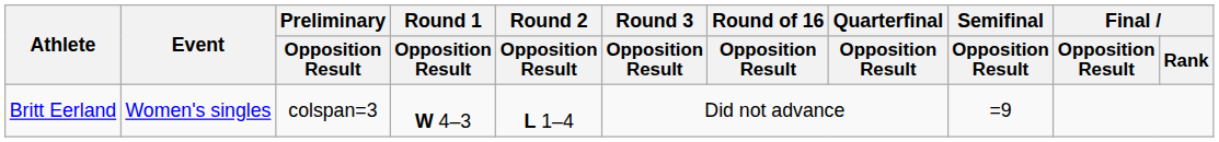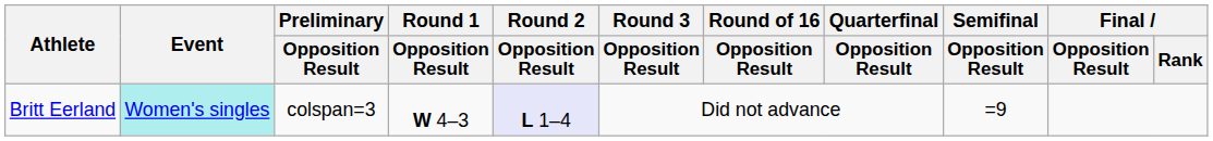 <table class="wikitable" style="font-size:90%;">
 <tr>
 <th rowspan=2>Athlete</th>
 <th rowspan=2>Event</th>
 <th>Preliminary</th>
 <th>Round 1</th>
 <th>Round 2</th>
 <th>Round 3</th>
 <th>Round of 16</th>
 <th>Quarterfinal</th>
 <th>Semifinal</th>
 <th colspan=2>Final / </th>
 </tr>
 <tr style="font-size:95%">
 <th>Opposition<br>Result</th>
 <th>Opposition<br>Result</th>
 <th>Opposition<br>Result</th>
 <th>Opposition<br>Result</th>
 <th>Opposition<br>Result</th>
 <th>Opposition<br>Result</th>
 <th>Opposition<br>Result</th>
 <th>Opposition<br>Result</th>
 <th>Rank</th>
 </tr>
 <tr align=center>
 <td align=left><a href='#'>Britt Eerland</a></td>
-<td align=left><a href='#'>Women's singles</a></td>
+<td align=left style="background: paleturquoise;"><a href='#'>Women's singles</a></td>
 <td>colspan=3 </td>
 <td><br><strong>W</strong> 4–3</td>
-<td><br><strong>L</strong> 1–4</td>
+<td style="background: lavender;"><br><strong>L</strong> 1–4</td>
 <td colspan=3>Did not advance</td>
 <td>=9</td>
 </tr>
 </table>
